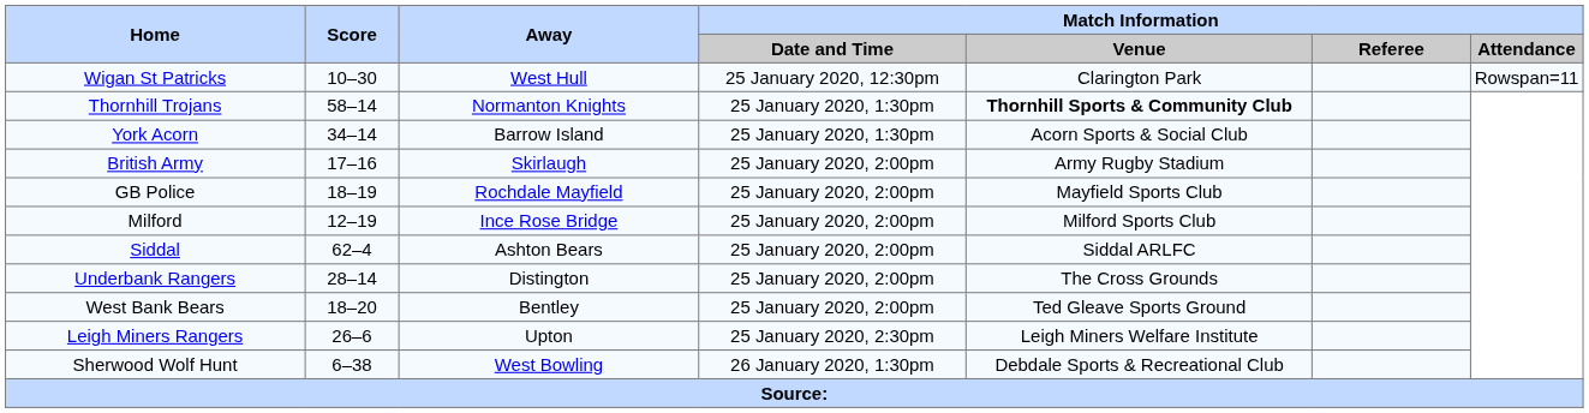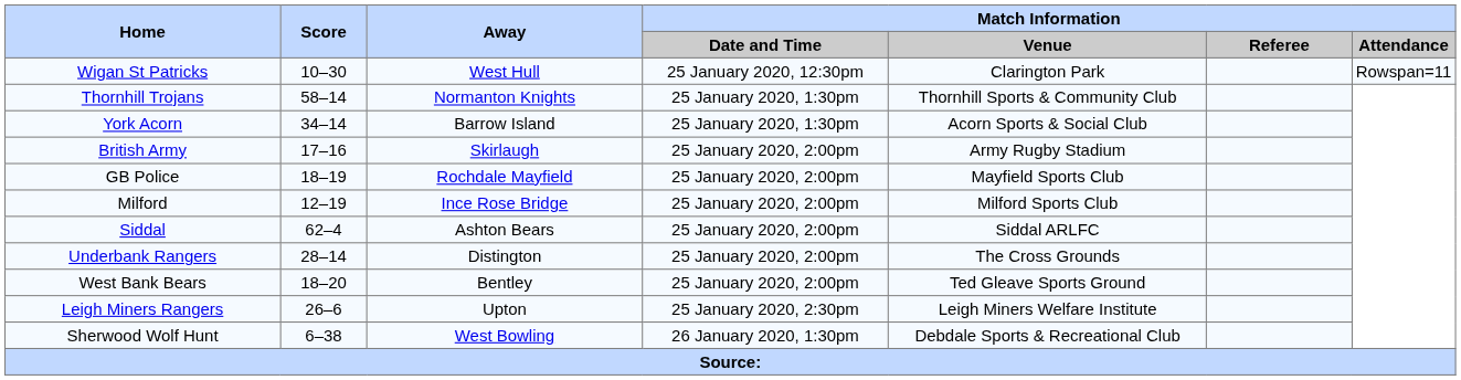 <table border=1 style="border-collapse:collapse; font-size:90%; text-align:center"; cellpadding=3 cellspacing=0 width=100%>
 <tr bgcolor="#c1d8ff">
 <th rowspan=2 width=19%>Home</th>
 <th rowspan=2 width=6%>Score</th>
 <th rowspan=2 width=19%>Away</th>
 <th colspan=6>Match Information</th>
 </tr>
 <tr bgcolor="#cccccc">
 <th width=17%>Date and Time</th>
 <th width=22%>Venue</th>
 <th width=10%>Referee</th>
 <th width=7%>Attendance</th>
 </tr>
 <tr bgcolor=#f5faff>
 <td><a href='#'>Wigan St Patricks</a></td>
 <td>10–30</td>
 <td><a href='#'>West Hull</a></td>
 <td>25 January 2020, 12:30pm</td>
 <td>Clarington Park</td>
 <td></td>
 <td>Rowspan=11</td>
 </tr>
 <tr bgcolor=#f5faff>
 <td><a href='#'>Thornhill Trojans</a></td>
 <td>58–14</td>
 <td><a href='#'>Normanton Knights</a></td>
 <td>25 January 2020, 1:30pm</td>
-<td><strong>Thornhill Sports & Community Club</strong></td>
+<td>Thornhill Sports & Community Club</td>
 <td></td>
 </tr>
 <tr bgcolor=#f5faff>
 <td><a href='#'>York Acorn</a></td>
 <td>34–14</td>
 <td>Barrow Island</td>
 <td>25 January 2020, 1:30pm</td>
 <td>Acorn Sports & Social Club</td>
 <td></td>
 </tr>
 <tr bgcolor=#f5faff>
 <td><a href='#'>British Army</a></td>
 <td>17–16</td>
 <td><a href='#'>Skirlaugh</a></td>
 <td>25 January 2020, 2:00pm</td>
 <td>Army Rugby Stadium</td>
 <td></td>
 </tr>
 <tr bgcolor=#f5faff>
 <td>GB Police</td>
 <td>18–19</td>
 <td><a href='#'>Rochdale Mayfield</a></td>
 <td>25 January 2020, 2:00pm</td>
 <td>Mayfield Sports Club</td>
 <td></td>
 </tr>
 <tr bgcolor=#f5faff>
 <td>Milford</td>
 <td>12–19</td>
 <td><a href='#'>Ince Rose Bridge</a></td>
 <td>25 January 2020, 2:00pm</td>
 <td>Milford Sports Club</td>
 <td></td>
 </tr>
 <tr bgcolor=#f5faff>
 <td><a href='#'>Siddal</a></td>
 <td>62–4</td>
 <td>Ashton Bears</td>
 <td>25 January 2020, 2:00pm</td>
 <td>Siddal ARLFC</td>
 <td></td>
 </tr>
 <tr bgcolor=#f5faff>
 <td><a href='#'>Underbank Rangers</a></td>
 <td>28–14</td>
 <td>Distington</td>
 <td>25 January 2020, 2:00pm</td>
 <td>The Cross Grounds</td>
 <td></td>
 </tr>
 <tr bgcolor=#f5faff>
 <td>West Bank Bears</td>
 <td>18–20</td>
 <td>Bentley</td>
 <td>25 January 2020, 2:00pm</td>
 <td>Ted Gleave Sports Ground</td>
 <td></td>
 </tr>
 <tr bgcolor=#f5faff>
 <td><a href='#'>Leigh Miners Rangers</a></td>
 <td>26–6</td>
 <td>Upton</td>
 <td>25 January 2020, 2:30pm</td>
 <td>Leigh Miners Welfare Institute</td>
 <td></td>
 </tr>
 <tr bgcolor=#f5faff>
 <td>Sherwood Wolf Hunt</td>
 <td>6–38</td>
 <td><a href='#'>West Bowling</a></td>
 <td>26 January 2020, 1:30pm</td>
 <td>Debdale Sports & Recreational Club</td>
 <td></td>
 </tr>
 <tr bgcolor=#c1d8ff>
 <th colspan=7>Source:</th>
 </tr>
 </table>
